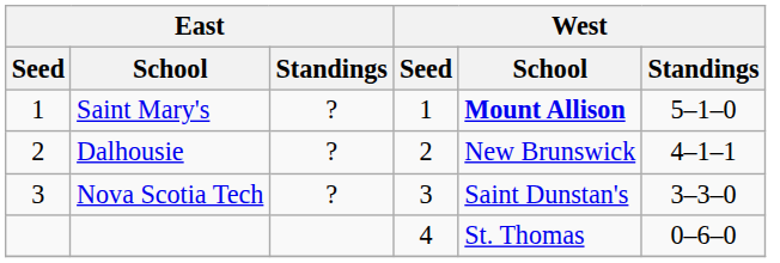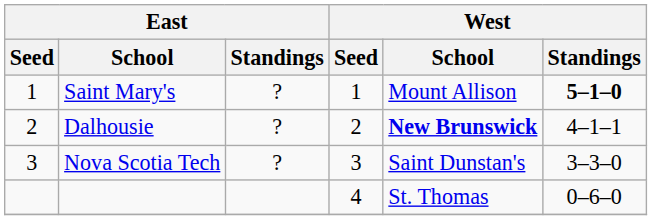 <table class="wikitable">
 <tr>
 <th colspan=3>East</th>
 <th colspan=3>West</th>
 </tr>
 <tr>
 <th>Seed</th>
 <th>School</th>
 <th>Standings</th>
 <th>Seed</th>
 <th>School</th>
 <th>Standings</th>
 </tr>
 <tr>
 <td align=center>1</td>
 <td><a href='#'>Saint Mary's</a></td>
 <td align=center>?</td>
 <td align=center>1</td>
-<td><strong><a href='#'>Mount Allison</a></strong></td>
-<td align=center>5–1–0</td>
+<td><a href='#'>Mount Allison</a></td>
+<td align=center><strong>5–1–0</strong></td>
 </tr>
 <tr>
 <td align=center>2</td>
 <td><a href='#'>Dalhousie</a></td>
 <td align=center>?</td>
 <td align=center>2</td>
-<td><a href='#'>New Brunswick</a></td>
+<td><strong><a href='#'>New Brunswick</a></strong></td>
 <td align=center>4–1–1</td>
 </tr>
 <tr>
 <td align=center>3</td>
 <td><a href='#'>Nova Scotia Tech</a></td>
 <td align=center>?</td>
 <td align=center>3</td>
 <td><a href='#'>Saint Dunstan's</a></td>
 <td align=center>3–3–0</td>
 </tr>
 <tr>
 <td></td>
 <td></td>
 <td></td>
 <td align=center>4</td>
 <td><a href='#'>St. Thomas</a></td>
 <td align=center>0–6–0</td>
 </tr>
 <tr>
 </tr>
 </table>
